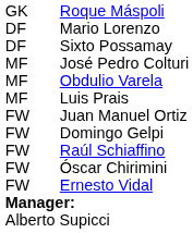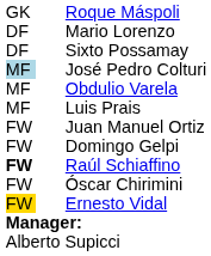 <table cellspacing="0" cellpadding="0" style="font-size:90%; margin:0.2em auto;">
 <tr>
 <th width="25"></th>
 <th width="25"></th>
 </tr>
 <tr>
 <td>GK</td>
 <td></td>
 <td> <a href='#'>Roque Máspoli</a></td>
 </tr>
 <tr>
 <td>DF</td>
 <td></td>
 <td> Mario Lorenzo</td>
 </tr>
 <tr>
 <td>DF</td>
 <td></td>
 <td> Sixto Possamay</td>
 </tr>
 <tr>
-<td>MF</td>
+<td style="background: lightblue;">MF</td>
 <td></td>
 <td> José Pedro Colturi</td>
 </tr>
 <tr>
 <td>MF</td>
 <td></td>
 <td> <a href='#'>Obdulio Varela</a></td>
 </tr>
 <tr>
 <td>MF</td>
 <td></td>
 <td> Luis Prais</td>
 </tr>
 <tr>
 <td>FW</td>
 <td></td>
 <td> Juan Manuel Ortiz</td>
 </tr>
 <tr>
 <td>FW</td>
 <td></td>
 <td> Domingo Gelpi</td>
 </tr>
 <tr>
-<td>FW</td>
+<td><strong>FW</strong></td>
 <td></td>
 <td> <a href='#'>Raúl Schiaffino</a></td>
 </tr>
 <tr>
 <td>FW</td>
 <td></td>
 <td> Óscar Chirimini</td>
 </tr>
 <tr>
-<td>FW</td>
+<td style="background: gold;">FW</td>
 <td></td>
 <td> <a href='#'>Ernesto Vidal</a></td>
 </tr>
 <tr>
 <td colspan=3><strong>Manager:</strong></td>
 </tr>
 <tr>
 <td colspan=4> Alberto Supicci</td>
 </tr>
 </table>
